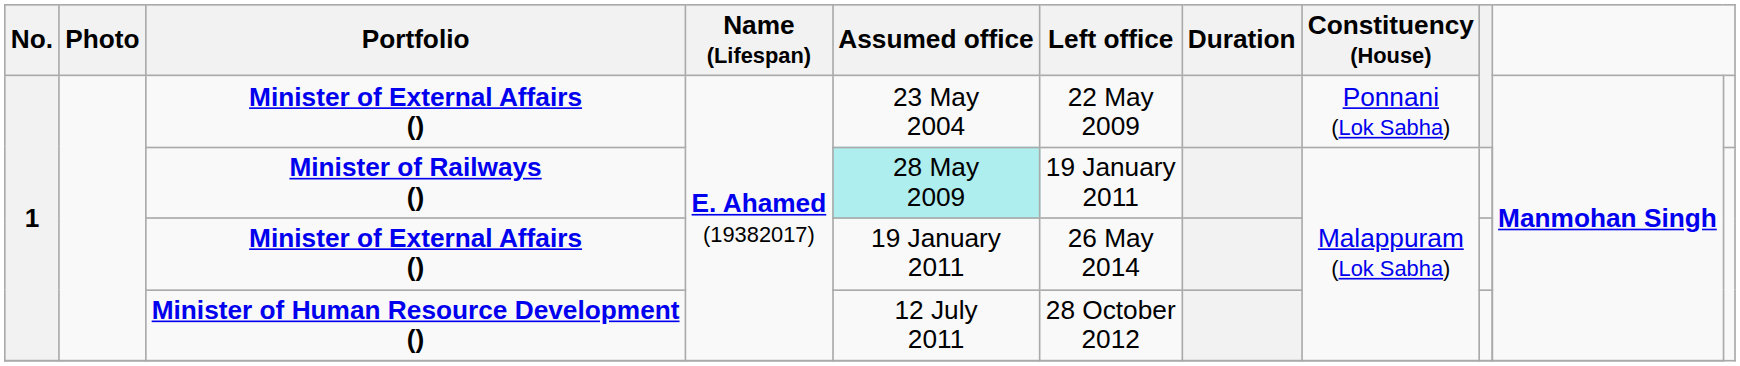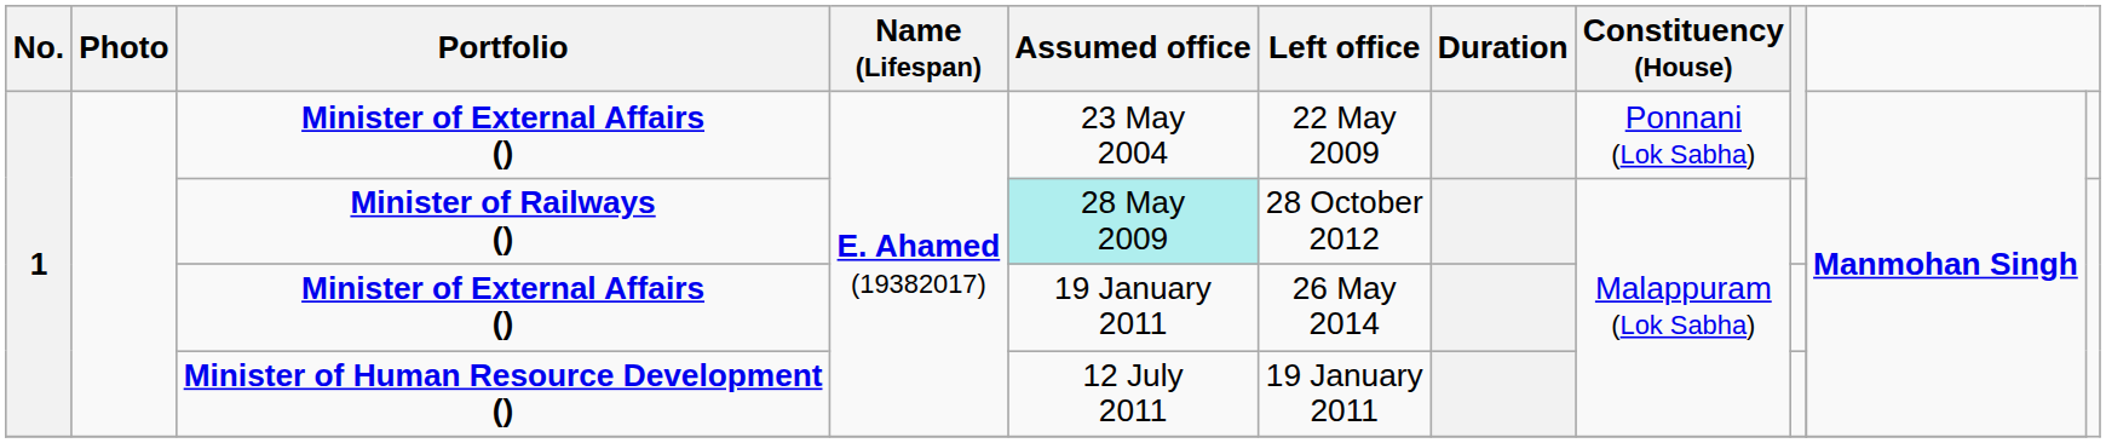 <table class="wikitable sortable" style="text-align:center;">
 <tr>
 <th Style="background-color:">No.</th>
 <th Style="background-color:">Photo</th>
 <th Style="background-color:">Portfolio</th>
 <th Style="background-color:">Name<br><small>(Lifespan)</small></th>
 <th Style="background-color:">Assumed office</th>
 <th Style="background-color:">Left office</th>
 <th Style="background-color:">Duration</th>
 <th Style="background-color:">Constituency<br><small>(House)</small></th>
 <th rowspan=2 colspan=2 Style="background-color:"><a href='#'></a></th>
 </tr>
 <tr>
 <th rowspan="4">1</th>
 <td rowspan="4"></td>
 <td><strong><a href='#'>Minister of External Affairs</a></strong><br><strong>()</strong></td>
 <td rowspan="4"><strong><a href='#'>E. Ahamed</a></strong><br><small>(19382017)</small></td>
 <td>23 May<br>2004</td>
 <td>22 May<br>2009</td>
 <th></th>
 <td><a href='#'>Ponnani</a><br><small>(<a href='#'>Lok Sabha</a>)</small></td>
 <td rowspan="4"><strong><a href='#'>Manmohan Singh</a></strong></td>
 <td></td>
 </tr>
 <tr>
 <td><strong><a href='#'>Minister of Railways</a></strong><br><strong>()</strong></td>
 <td style="background: paleturquoise;">28 May<br>2009</td>
-<td>19 January<br>2011</td>
+<td>28 October<br>2012</td>
 <th></th>
 <td rowspan="3"><a href='#'>Malappuram</a><br><small>(<a href='#'>Lok Sabha</a>)</small></td>
 <td></td>
 </tr>
 <tr>
 <td><strong><a href='#'>Minister of External Affairs</a></strong><br><strong>()</strong></td>
 <td>19 January<br>2011</td>
 <td>26 May<br>2014</td>
 <th></th>
 <td></td>
 </tr>
 <tr>
 <td><strong><a href='#'>Minister of Human Resource Development</a></strong><br><strong>()</strong></td>
 <td>12 July<br>2011</td>
-<td>28 October<br>2012</td>
+<td>19 January<br>2011</td>
 <th></th>
 <td></td>
 </tr>
 <tr>
 </tr>
 </table>
